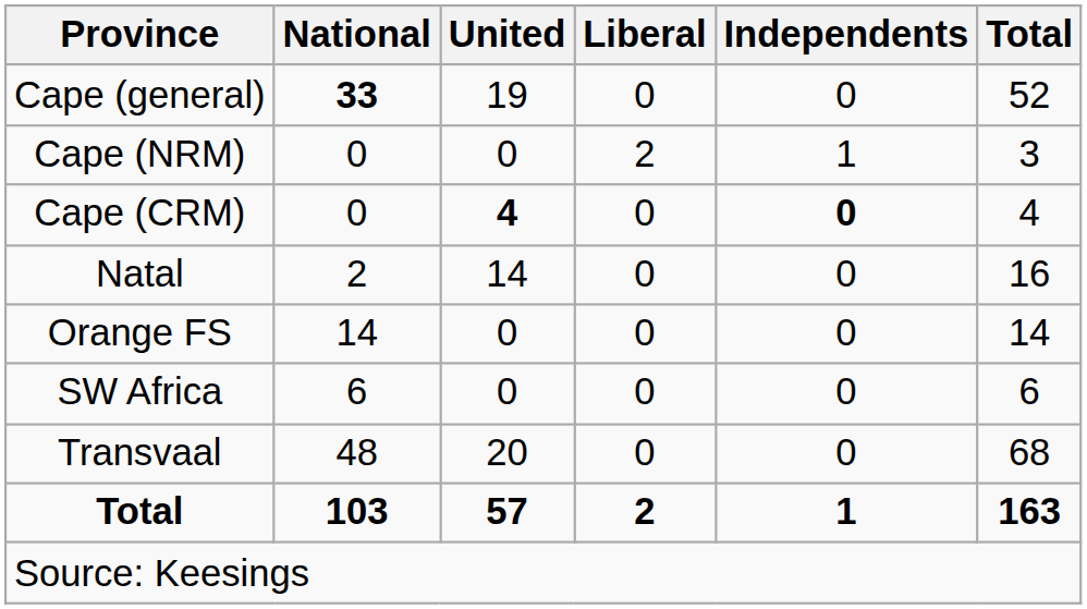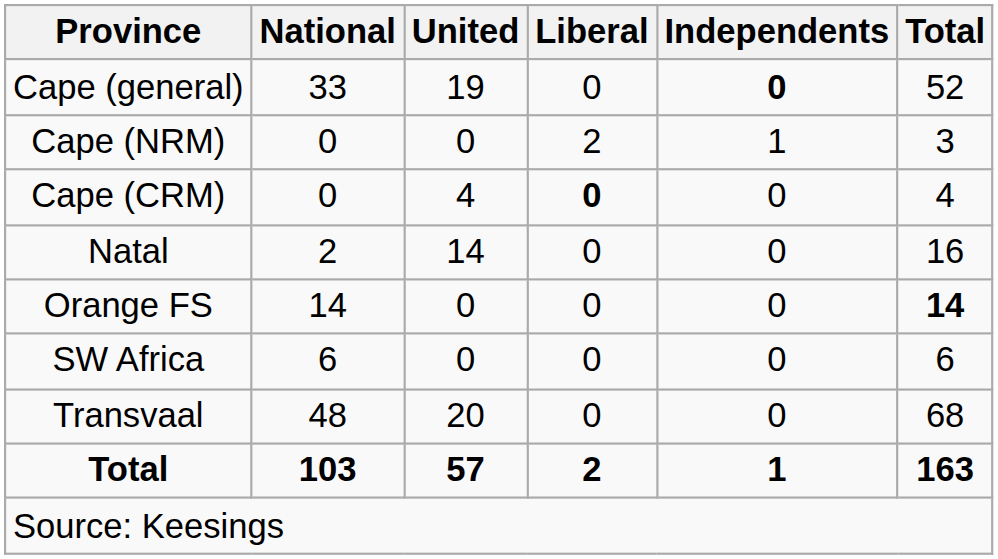 <table class=wikitable style=text-align:center>
 <tr>
 <th>Province</th>
 <th>National</th>
 <th>United</th>
 <th>Liberal</th>
 <th>Independents</th>
 <th>Total</th>
 </tr>
 <tr>
 <td>Cape (general)</td>
-<td><strong>33</strong></td>
+<td>33</td>
 <td>19</td>
 <td>0</td>
-<td>0</td>
+<td><strong>0</strong></td>
 <td>52</td>
 </tr>
 <tr>
 <td>Cape (NRM)</td>
 <td>0</td>
 <td>0</td>
 <td>2</td>
 <td>1</td>
 <td>3</td>
 </tr>
 <tr>
 <td>Cape (CRM)</td>
 <td>0</td>
-<td><strong>4</strong></td>
+<td>4</td>
+<td><strong>0</strong></td>
 <td>0</td>
-<td><strong>0</strong></td>
 <td>4</td>
 </tr>
 <tr>
 <td>Natal</td>
 <td>2</td>
 <td>14</td>
 <td>0</td>
 <td>0</td>
 <td>16</td>
 </tr>
 <tr>
 <td>Orange FS</td>
 <td>14</td>
 <td>0</td>
 <td>0</td>
 <td>0</td>
-<td>14</td>
+<td><strong>14</strong></td>
 </tr>
 <tr>
 <td>SW Africa</td>
 <td>6</td>
 <td>0</td>
 <td>0</td>
 <td>0</td>
 <td>6</td>
 </tr>
 <tr>
 <td>Transvaal</td>
 <td>48</td>
 <td>20</td>
 <td>0</td>
 <td>0</td>
 <td>68</td>
 </tr>
 <tr>
 <td><strong>Total</strong></td>
 <td><strong>103</strong></td>
 <td><strong>57</strong></td>
 <td><strong>2</strong></td>
 <td><strong>1</strong></td>
 <td><strong>163</strong></td>
 </tr>
 <tr>
 <td align=left colspan=6>Source: Keesings</td>
 </tr>
 </table>
